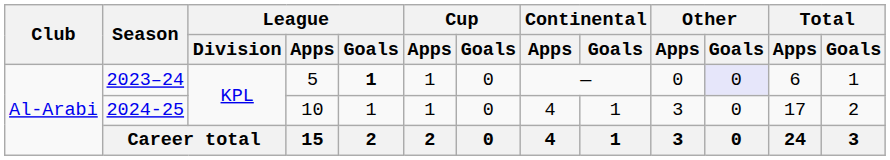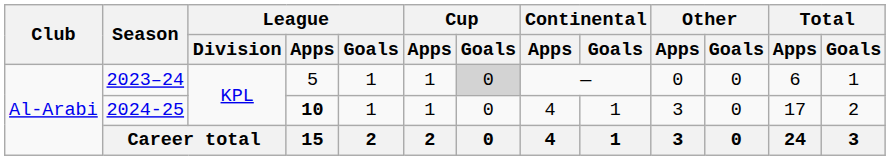 <table class="wikitable" style="text-align:center">
 <tr>
 <th rowspan="2">Club</th>
 <th rowspan="2">Season</th>
 <th colspan="3">League</th>
 <th colspan="2">Cup</th>
 <th colspan="2">Continental</th>
 <th colspan="2">Other </th>
 <th colspan="2">Total</th>
 </tr>
 <tr>
 <th>Division</th>
 <th>Apps</th>
 <th>Goals</th>
 <th>Apps</th>
 <th>Goals</th>
 <th>Apps</th>
 <th>Goals</th>
 <th>Apps</th>
 <th>Goals</th>
 <th>Apps</th>
 <th>Goals</th>
 </tr>
 <tr>
 <td rowspan="3"><a href='#'>Al-Arabi</a></td>
 <td><a href='#'>2023–24</a></td>
 <td rowspan="2"><a href='#'>KPL</a></td>
 <td>5</td>
-<td><strong>1</strong></td>
 <td>1</td>
-<td>0</td>
+<td>1</td>
+<td style="background: lightgrey;">0</td>
 <td colspan="2">—</td>
 <td>0</td>
-<td style="background: lavender;">0</td>
+<td>0</td>
 <td>6</td>
 <td>1</td>
 </tr>
 <tr>
 <td><a href='#'>2024-25</a></td>
-<td>10</td>
+<td><strong>10</strong></td>
 <td>1</td>
 <td>1</td>
 <td>0</td>
 <td>4</td>
 <td>1</td>
 <td>3</td>
 <td>0</td>
 <td>17</td>
 <td>2</td>
 </tr>
 <tr>
 <th colspan="2">Career total</th>
 <th>15</th>
 <th>2</th>
 <th>2</th>
 <th>0</th>
 <th>4</th>
 <th>1</th>
 <th>3</th>
 <th>0</th>
 <th>24</th>
 <th>3</th>
 </tr>
 </table>
